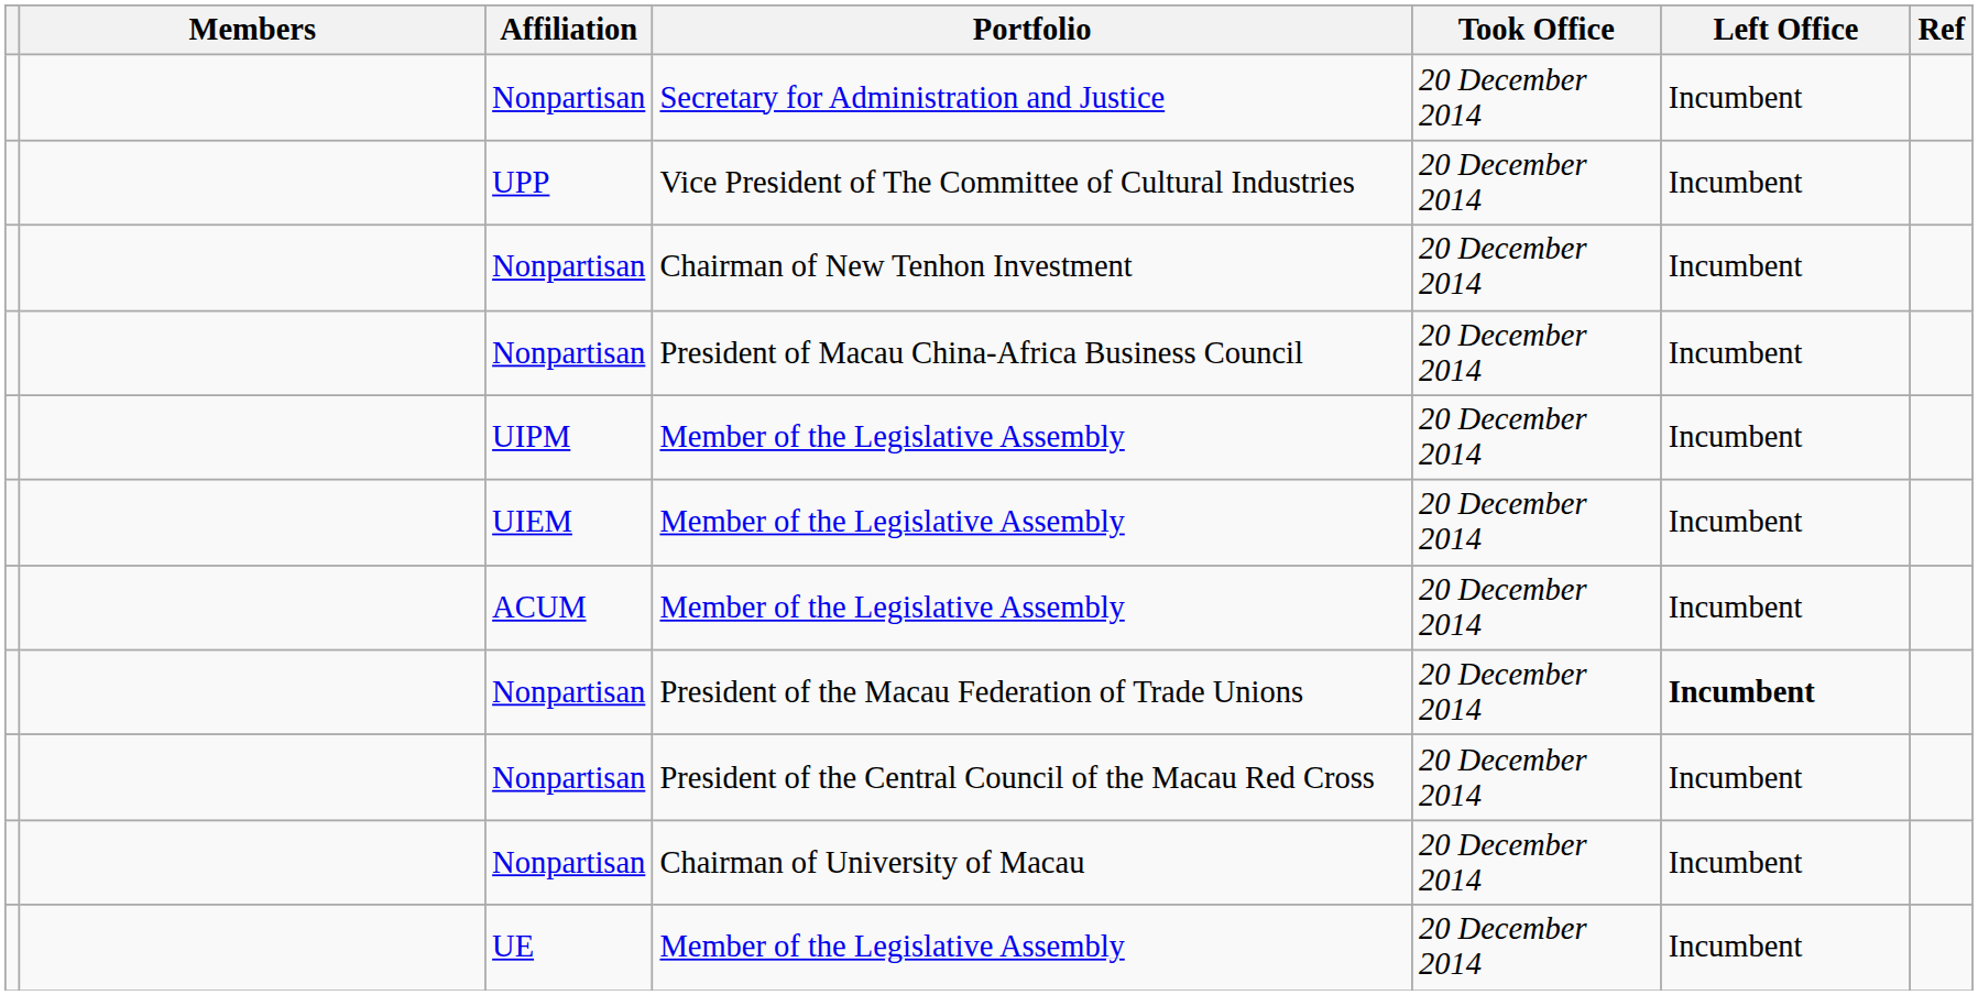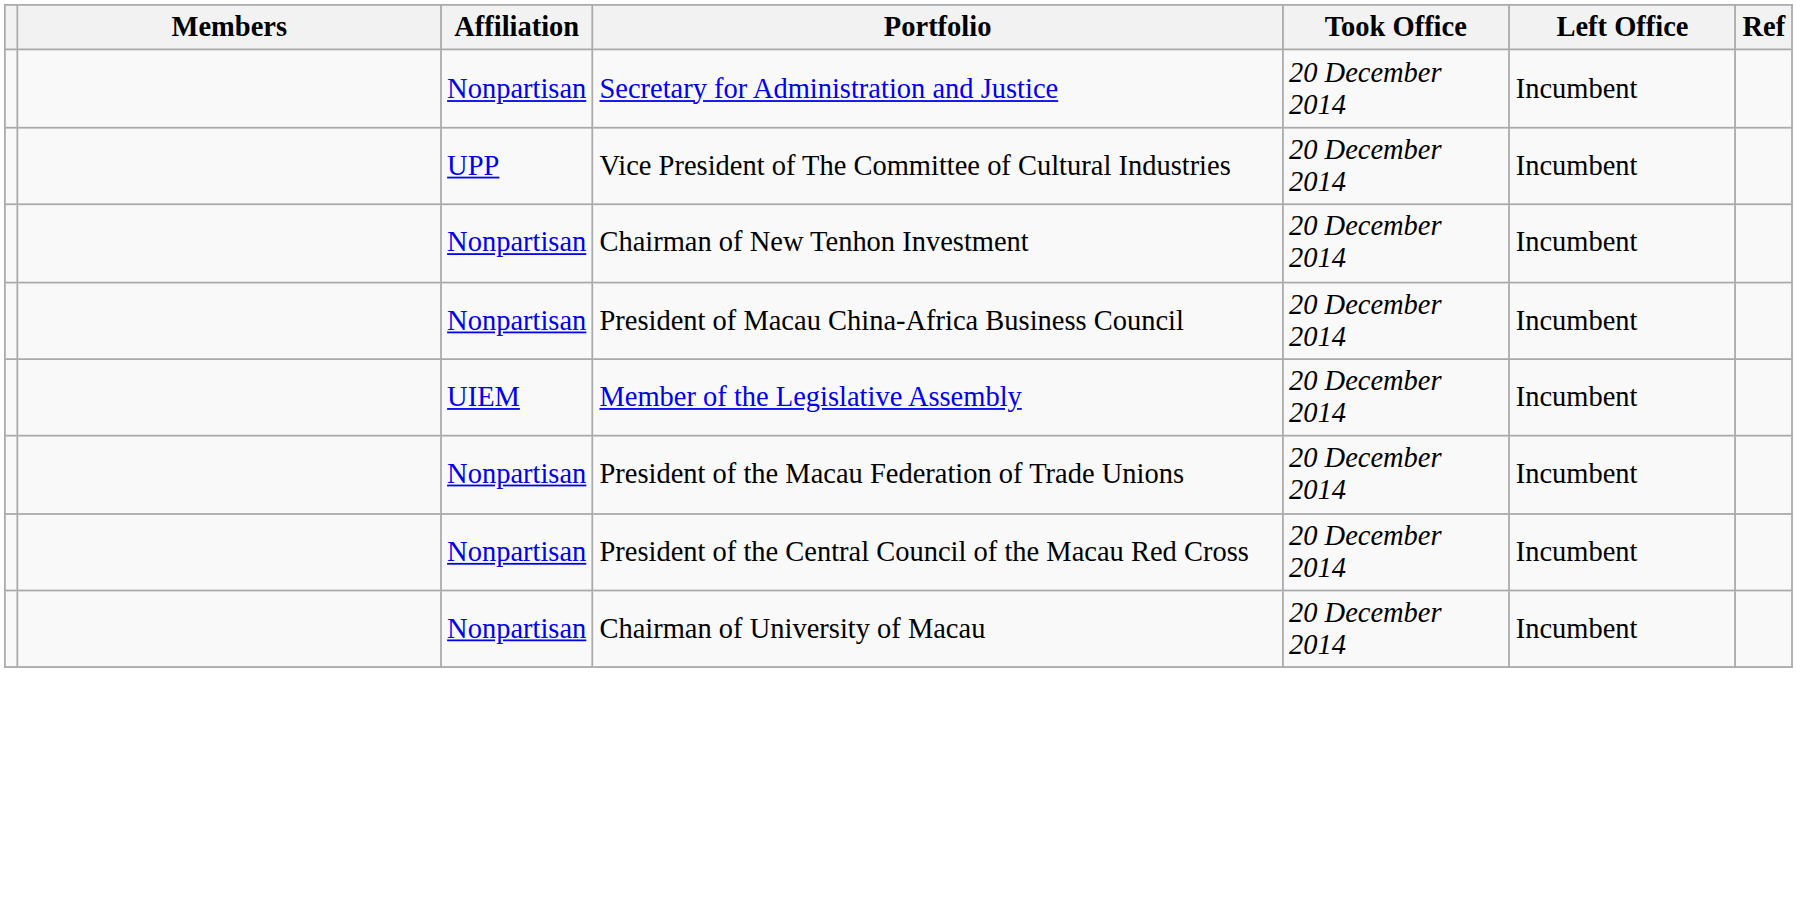 <table class="wikitable">
 <tr>
 <th class="unsortable"></th>
 <th width="230px">Members</th>
 <th width="50px">Affiliation</th>
 <th width="380px">Portfolio</th>
 <th width="120px">Took Office</th>
 <th width="120px">Left Office</th>
 <th>Ref</th>
 </tr>
 <tr>
 <td></td>
 <td><strong></strong></td>
 <td><a href='#'>Nonpartisan</a></td>
 <td><a href='#'>Secretary for Administration and Justice</a></td>
 <td><em>20 December 2014</em></td>
 <td>Incumbent</td>
 <td></td>
 </tr>
 <tr>
 <td></td>
 <td><strong></strong></td>
 <td><a href='#'>UPP</a></td>
 <td>Vice President of The Committee of Cultural Industries</td>
 <td><em>20 December 2014</em></td>
 <td>Incumbent</td>
 <td></td>
 </tr>
 <tr>
 <td></td>
 <td><strong></strong></td>
 <td><a href='#'>Nonpartisan</a></td>
 <td>Chairman of New Tenhon Investment</td>
 <td><em>20 December 2014</em></td>
 <td>Incumbent</td>
 <td></td>
 </tr>
 <tr>
 <td></td>
 <td><strong></strong></td>
 <td><a href='#'>Nonpartisan</a></td>
 <td>President of Macau China-Africa Business Council</td>
 <td><em>20 December 2014</em></td>
 <td>Incumbent</td>
 <td></td>
 </tr>
 <tr>
 <td></td>
 <td><strong></strong></td>
-<td><a href='#'>UIPM</a></td>
-<td><a href='#'>Member of the Legislative Assembly</a></td>
-<td><em>20 December 2014</em></td>
-<td>Incumbent</td>
-<td></td>
-</tr>
-<tr>
-<td></td>
-<td><strong></strong></td>
 <td><a href='#'>UIEM</a></td>
-<td><a href='#'>Member of the Legislative Assembly</a></td>
-<td><em>20 December 2014</em></td>
-<td>Incumbent</td>
-<td></td>
-</tr>
-<tr>
-<td></td>
-<td><strong></strong></td>
-<td><a href='#'>ACUM</a></td>
 <td><a href='#'>Member of the Legislative Assembly</a></td>
 <td><em>20 December 2014</em></td>
 <td>Incumbent</td>
 <td></td>
 </tr>
 <tr>
 <td></td>
 <td><strong></strong></td>
 <td><a href='#'>Nonpartisan</a></td>
 <td>President of the Macau Federation of Trade Unions</td>
 <td><em>20 December 2014</em></td>
-<td><strong>Incumbent</strong></td>
+<td>Incumbent</td>
 <td></td>
 </tr>
 <tr>
 <td></td>
 <td><strong></strong></td>
 <td><a href='#'>Nonpartisan</a></td>
 <td>President of the Central Council of the Macau Red Cross</td>
 <td><em>20 December 2014</em></td>
 <td>Incumbent</td>
 <td></td>
 </tr>
 <tr>
 <td></td>
 <td><strong></strong></td>
 <td><a href='#'>Nonpartisan</a></td>
 <td>Chairman of University of Macau</td>
 <td><em>20 December 2014</em></td>
 <td>Incumbent</td>
 <td></td>
 </tr>
-<tr>
-<td></td>
-<td><strong></strong></td>
-<td><a href='#'>UE</a></td>
-<td><a href='#'>Member of the Legislative Assembly</a></td>
-<td><em>20 December 2014</em></td>
-<td>Incumbent</td>
-<td></td>
-</tr>
 </table>
